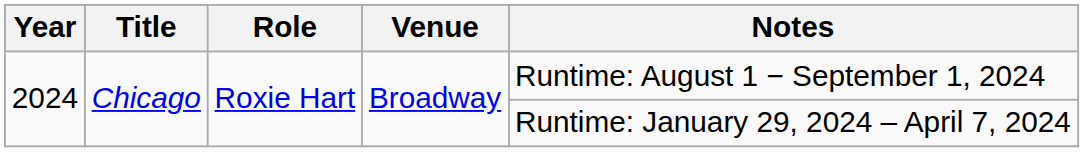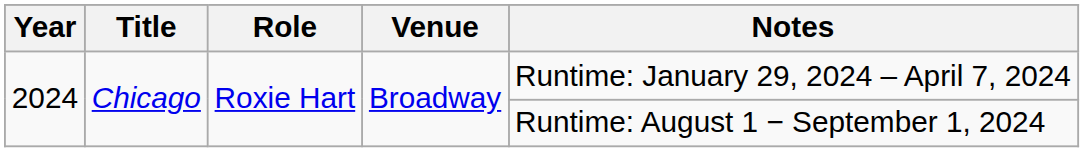 <table class="wikitable">
 <tr>
 <th>Year</th>
 <th>Title</th>
 <th>Role</th>
 <th>Venue</th>
 <th>Notes</th>
 </tr>
 <tr>
 <td rowspan="2">2024</td>
 <td rowspan="2"><em><a href='#'>Chicago</a></em></td>
 <td rowspan="2"><a href='#'>Roxie Hart</a></td>
 <td rowspan="2"><a href='#'>Broadway</a></td>
+<td>Runtime: January 29, 2024 – April 7, 2024</td>
+</tr>
+<tr>
 <td>Runtime: August 1 − September 1, 2024</td>
 </tr>
-<tr>
-<td>Runtime: January 29, 2024 – April 7, 2024</td>
-</tr>
 </table>
